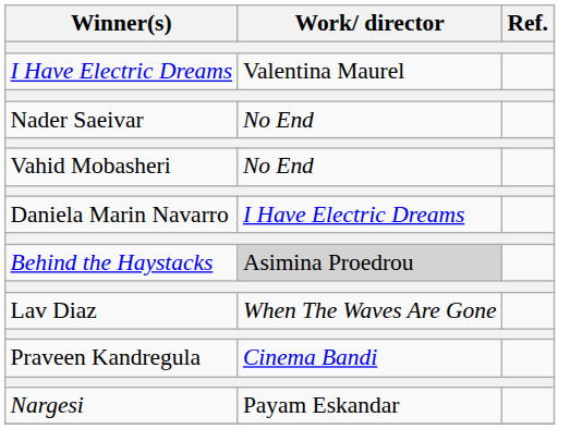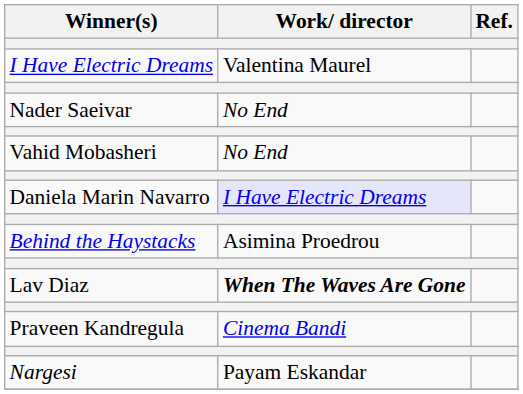 <table class="wikitable">
 <tr>
 <th>Winner(s)</th>
 <th>Work/ director</th>
 <th>Ref.</th>
 </tr>
 <tr>
 <th colspan =4></th>
 </tr>
 <tr>
 <td><em><a href='#'>I Have Electric Dreams</a></em></td>
 <td>Valentina Maurel</td>
 <td></td>
 </tr>
 <tr>
 <th colspan =4></th>
 </tr>
 <tr>
 <td>Nader Saeivar</td>
 <td><em>No End</em></td>
 <td></td>
 </tr>
 <tr>
 <th colspan =4></th>
 </tr>
 <tr>
 <td>Vahid Mobasheri</td>
 <td><em>No End</em></td>
 <td></td>
 </tr>
 <tr>
 <th colspan =4></th>
 </tr>
 <tr>
 <td>Daniela Marin Navarro</td>
-<td><em><a href='#'>I Have Electric Dreams</a></em></td>
+<td style="background: lavender;"><em><a href='#'>I Have Electric Dreams</a></em></td>
 <td></td>
 </tr>
 <tr>
 <th colspan =4></th>
 </tr>
 <tr>
 <td><em><a href='#'>Behind the Haystacks</a></em></td>
-<td style="background: lightgrey;">Asimina Proedrou</td>
+<td>Asimina Proedrou</td>
 <td></td>
 </tr>
 <tr>
 <th colspan =4></th>
 </tr>
 <tr>
 <td>Lav Diaz</td>
-<td><em>When The Waves Are Gone</em></td>
+<td><strong><em>When The Waves Are Gone</em></strong></td>
 <td></td>
 </tr>
 <tr>
 <th colspan =4></th>
 </tr>
 <tr>
 <td>Praveen Kandregula</td>
 <td><em><a href='#'>Cinema Bandi</a></em></td>
 <td></td>
 </tr>
 <tr>
 <th colspan =4></th>
 </tr>
 <tr>
 <td><em>Nargesi</em></td>
 <td>Payam Eskandar</td>
 <td></td>
 </tr>
 <tr>
 </tr>
 </table>
